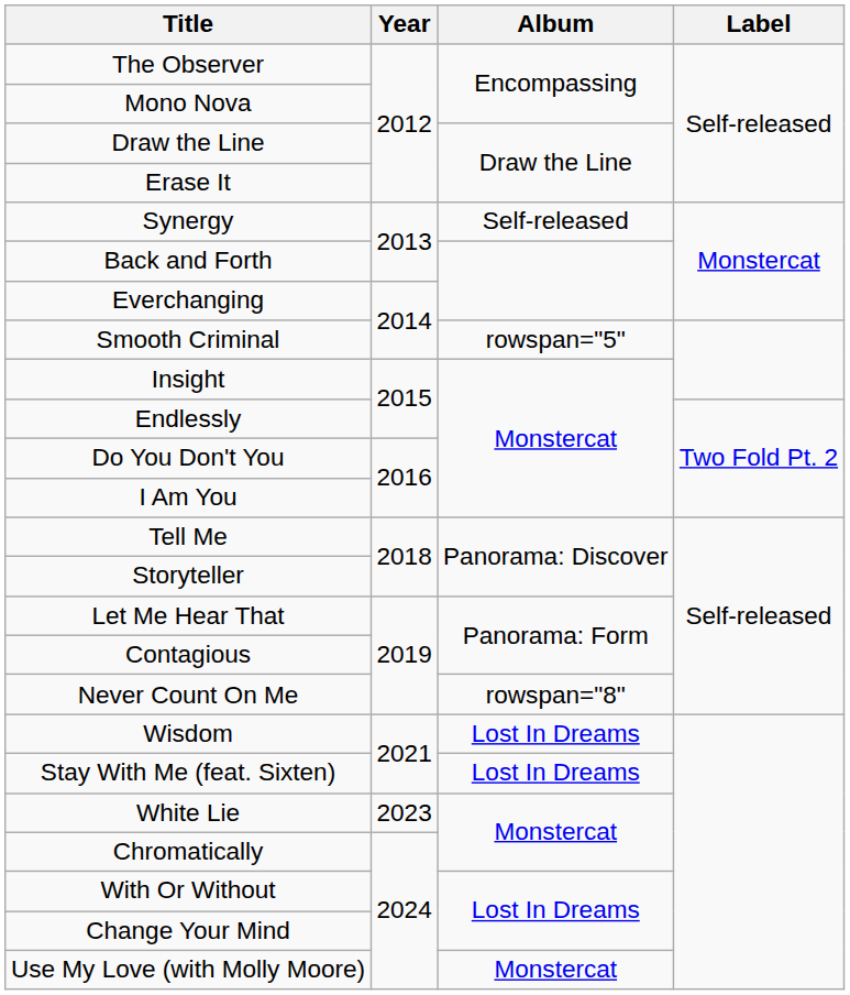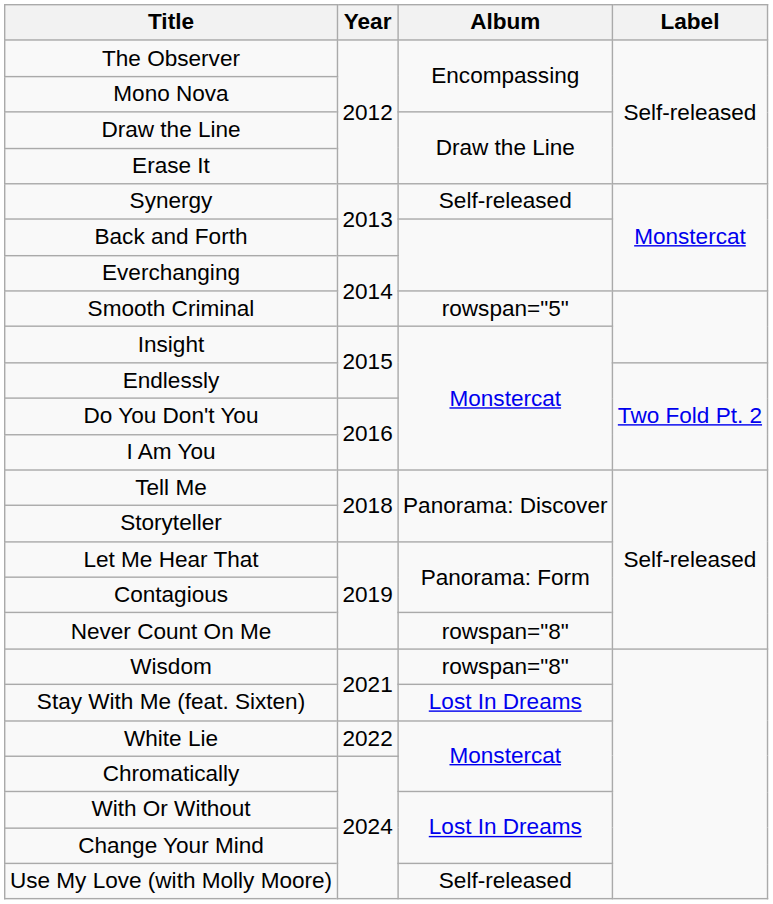 <table class="wikitable plainrowheaders" style="text-align:center;">
 <tr>
 <th scope="col">Title</th>
 <th scope="col">Year</th>
 <th scope="col">Album</th>
 <th scope="col">Label</th>
 </tr>
 <tr>
 <td>The Observer</td>
 <td rowspan="4">2012</td>
 <td rowspan="2">Encompassing</td>
 <td rowspan="4">Self-released</td>
 </tr>
 <tr>
 <td>Mono Nova</td>
 </tr>
 <tr>
 <td>Draw the Line</td>
 <td rowspan="2">Draw the Line</td>
 </tr>
 <tr>
 <td>Erase It</td>
 </tr>
 <tr>
 <td>Synergy</td>
 <td rowspan="2">2013</td>
 <td>Self-released</td>
 <td rowspan="3"><a href='#'>Monstercat</a></td>
 </tr>
 <tr>
 <td>Back and Forth</td>
 </tr>
 <tr>
 <td>Everchanging</td>
 <td rowspan="2">2014</td>
 </tr>
 <tr>
 <td>Smooth Criminal</td>
 <td>rowspan="5" </td>
 </tr>
 <tr>
 <td>Insight</td>
 <td rowspan="2">2015</td>
 <td rowspan="4"><a href='#'>Monstercat</a></td>
 </tr>
 <tr>
 <td>Endlessly</td>
 <td rowspan="3"><a href='#'>Two Fold Pt. 2</a></td>
 </tr>
 <tr>
 <td>Do You Don't You</td>
 <td rowspan="2">2016</td>
 </tr>
 <tr>
 <td>I Am You</td>
 </tr>
 <tr>
 <td>Tell Me</td>
 <td rowspan="2">2018</td>
 <td rowspan="2">Panorama: Discover</td>
 <td rowspan="5">Self-released</td>
 </tr>
 <tr>
 <td>Storyteller</td>
 </tr>
 <tr>
 <td>Let Me Hear That</td>
 <td rowspan="3">2019</td>
 <td rowspan="2">Panorama: Form</td>
 </tr>
 <tr>
 <td>Contagious</td>
 </tr>
 <tr>
 <td>Never Count On Me</td>
 <td>rowspan="8" </td>
 </tr>
 <tr>
 <td>Wisdom</td>
 <td rowspan="2">2021</td>
-<td><a href='#'>Lost In Dreams</a></td>
+<td>rowspan="8" </td>
 </tr>
 <tr>
 <td>Stay With Me (feat. Sixten)</td>
 <td><a href='#'>Lost In Dreams</a></td>
 </tr>
 <tr>
 <td>White Lie</td>
-<td>2023</td>
+<td>2022</td>
 <td rowspan="2"><a href='#'>Monstercat</a></td>
 </tr>
 <tr>
 <td>Chromatically</td>
 <td rowspan="4">2024</td>
 </tr>
 <tr>
 <td>With Or Without</td>
 <td rowspan="2"><a href='#'>Lost In Dreams</a></td>
 </tr>
 <tr>
 <td>Change Your Mind</td>
 </tr>
 <tr>
 <td>Use My Love (with Molly Moore)</td>
-<td><a href='#'>Monstercat</a></td>
+<td>Self-released</td>
 </tr>
 </table>
